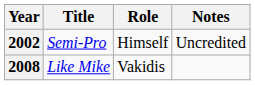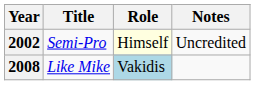 <table class="wikitable plainrowheaders sortable">
 <tr>
 <th scope="col">Year</th>
 <th scope="col">Title</th>
 <th scope="col">Role</th>
 <th scope="col" class="unsortable">Notes</th>
 </tr>
 <tr>
 <th scope="row">2002</th>
 <td><em><a href='#'>Semi-Pro</a></em></td>
-<td>Himself</td>
+<td style="background: lightyellow;">Himself</td>
 <td>Uncredited</td>
 </tr>
 <tr>
 <th scope="row">2008</th>
 <td><em><a href='#'>Like Mike</a></em></td>
-<td>Vakidis</td>
+<td style="background: lightblue;">Vakidis</td>
 </tr>
 </table>
